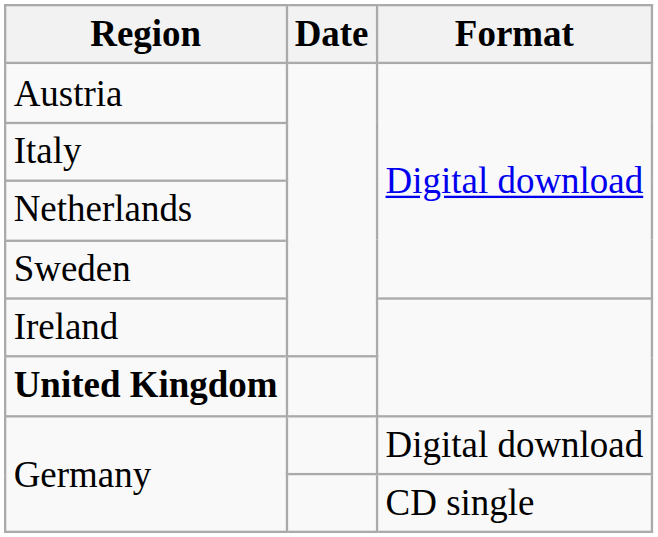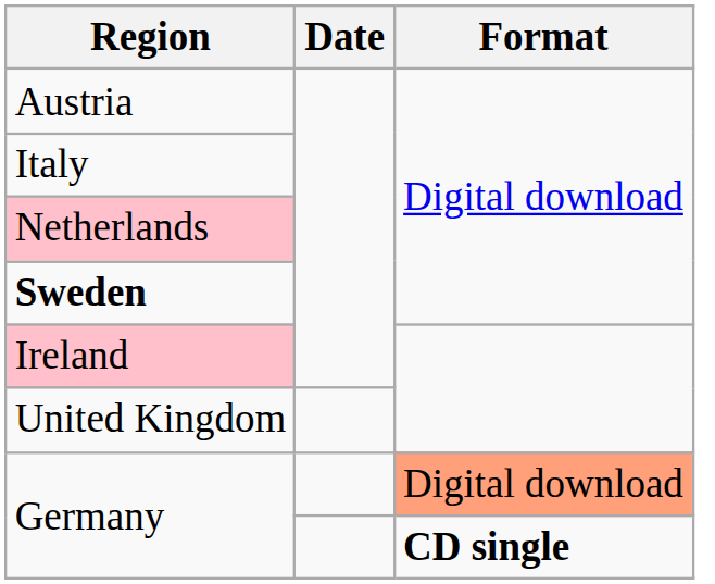 <table class="wikitable">
 <tr>
 <th>Region</th>
 <th>Date</th>
 <th>Format</th>
 </tr>
 <tr>
 <td>Austria</td>
 <td rowspan="5"></td>
 <td rowspan="4"><a href='#'>Digital download</a></td>
 </tr>
 <tr>
 <td>Italy</td>
 </tr>
 <tr>
-<td>Netherlands</td>
+<td style="background: pink;">Netherlands</td>
 </tr>
 <tr>
-<td>Sweden</td>
+<td><strong>Sweden</strong></td>
 </tr>
 <tr>
-<td>Ireland</td>
+<td style="background: pink;">Ireland</td>
 <td rowspan="2"></td>
 </tr>
 <tr>
-<td><strong>United Kingdom</strong></td>
+<td>United Kingdom</td>
 <td></td>
 </tr>
 <tr>
 <td rowspan="2">Germany</td>
 <td></td>
-<td>Digital download</td>
+<td style="background: lightsalmon;">Digital download</td>
 </tr>
 <tr>
 <td></td>
-<td>CD single</td>
+<td><strong>CD single</strong></td>
 </tr>
 </table>
